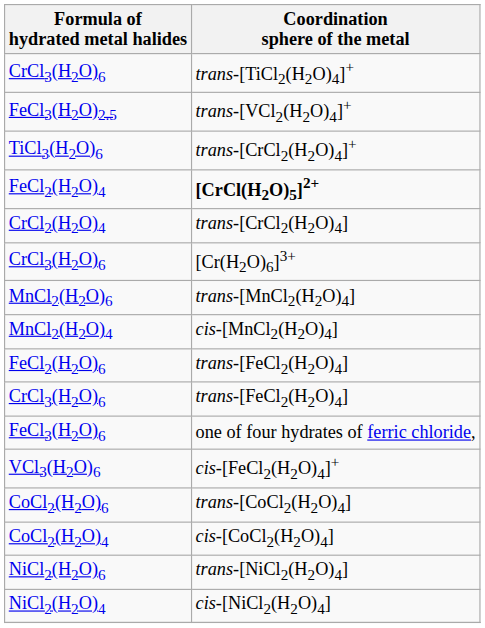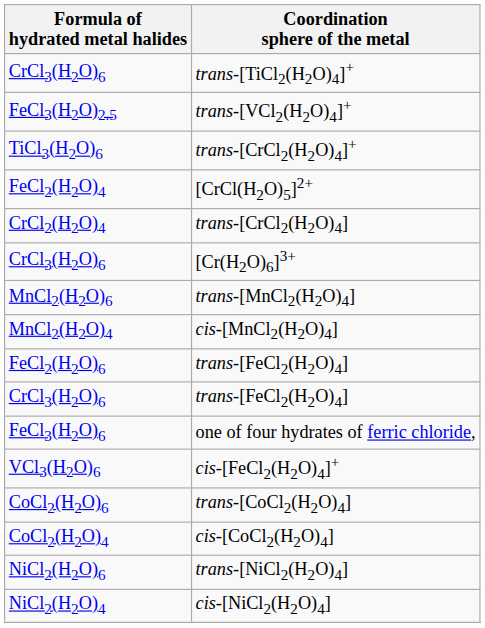 <table class="wikitable">
 <tr>
 <th>Formula of<br> hydrated metal halides</th>
 <th>Coordination<br>sphere of the metal</th>
 </tr>
 <tr>
 <td><a href='#'>CrCl<sub>3</sub>(H<sub>2</sub>O)<sub>6</sub></a></td>
 <td><em>trans</em>-[TiCl<sub>2</sub>(H<sub>2</sub>O)<sub>4</sub>]<sup>+</sup></td>
 </tr>
 <tr>
 <td><a href='#'>FeCl<sub>3</sub>(H<sub>2</sub>O)<sub>2.5</sub></a></td>
 <td><em>trans</em>-[VCl<sub>2</sub>(H<sub>2</sub>O)<sub>4</sub>]<sup>+</sup></td>
 </tr>
 <tr>
 <td><a href='#'>TiCl<sub>3</sub>(H<sub>2</sub>O)<sub>6</sub></a></td>
 <td><em>trans</em>-[CrCl<sub>2</sub>(H<sub>2</sub>O)<sub>4</sub>]<sup>+</sup></td>
 </tr>
 <tr>
 <td><a href='#'>FeCl<sub>2</sub>(H<sub>2</sub>O)<sub>4</sub></a></td>
-<td><strong>[CrCl(H<sub>2</sub>O)<sub>5</sub>]<sup>2+</sup></strong></td>
+<td>[CrCl(H<sub>2</sub>O)<sub>5</sub>]<sup>2+</sup></td>
 </tr>
 <tr>
 <td><a href='#'>CrCl<sub>2</sub>(H<sub>2</sub>O)<sub>4</sub></a></td>
 <td><em>trans</em>-[CrCl<sub>2</sub>(H<sub>2</sub>O)<sub>4</sub>]</td>
 </tr>
 <tr>
 <td><a href='#'>CrCl<sub>3</sub>(H<sub>2</sub>O)<sub>6</sub></a></td>
 <td>[Cr(H<sub>2</sub>O)<sub>6</sub>]<sup>3+</sup></td>
 </tr>
 <tr>
 <td><a href='#'>MnCl<sub>2</sub>(H<sub>2</sub>O)<sub>6</sub></a></td>
 <td><em>trans</em>-[MnCl<sub>2</sub>(H<sub>2</sub>O)<sub>4</sub>]</td>
 </tr>
 <tr>
 <td><a href='#'>MnCl<sub>2</sub>(H<sub>2</sub>O)<sub>4</sub></a></td>
 <td><em>cis</em>-[MnCl<sub>2</sub>(H<sub>2</sub>O)<sub>4</sub>]</td>
 </tr>
 <tr>
 <td><a href='#'>FeCl<sub>2</sub>(H<sub>2</sub>O)<sub>6</sub></a></td>
 <td><em>trans</em>-[FeCl<sub>2</sub>(H<sub>2</sub>O)<sub>4</sub>]</td>
 </tr>
 <tr>
 <td><a href='#'>CrCl<sub>3</sub>(H<sub>2</sub>O)<sub>6</sub></a></td>
 <td><em>trans</em>-[FeCl<sub>2</sub>(H<sub>2</sub>O)<sub>4</sub>]</td>
 </tr>
 <tr>
 <td><a href='#'>FeCl<sub>3</sub>(H<sub>2</sub>O)<sub>6</sub></a></td>
 <td>one of four hydrates of <a href='#'>ferric chloride</a>,</td>
 </tr>
 <tr>
 <td><a href='#'>VCl<sub>3</sub>(H<sub>2</sub>O)<sub>6</sub></a></td>
 <td><em>cis</em>-[FeCl<sub>2</sub>(H<sub>2</sub>O)<sub>4</sub>]<sup>+</sup></td>
 </tr>
 <tr>
 <td><a href='#'>CoCl<sub>2</sub>(H<sub>2</sub>O)<sub>6</sub></a></td>
 <td><em>trans</em>-[CoCl<sub>2</sub>(H<sub>2</sub>O)<sub>4</sub>]</td>
 </tr>
 <tr>
 <td><a href='#'>CoCl<sub>2</sub>(H<sub>2</sub>O)<sub>4</sub></a></td>
 <td><em>cis</em>-[CoCl<sub>2</sub>(H<sub>2</sub>O)<sub>4</sub>]</td>
 </tr>
 <tr>
 <td><a href='#'>NiCl<sub>2</sub>(H<sub>2</sub>O)<sub>6</sub></a></td>
 <td><em>trans</em>-[NiCl<sub>2</sub>(H<sub>2</sub>O)<sub>4</sub>]</td>
 </tr>
 <tr>
 <td><a href='#'>NiCl<sub>2</sub>(H<sub>2</sub>O)<sub>4</sub></a></td>
 <td><em>cis</em>-[NiCl<sub>2</sub>(H<sub>2</sub>O)<sub>4</sub>]</td>
 </tr>
 <tr>
 </tr>
 </table>
